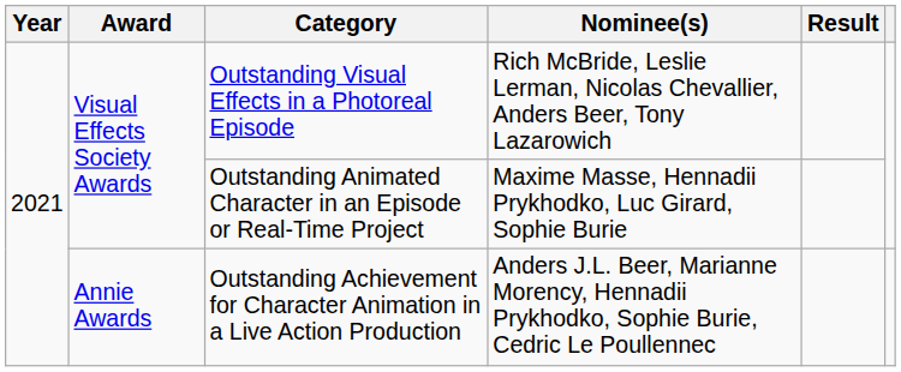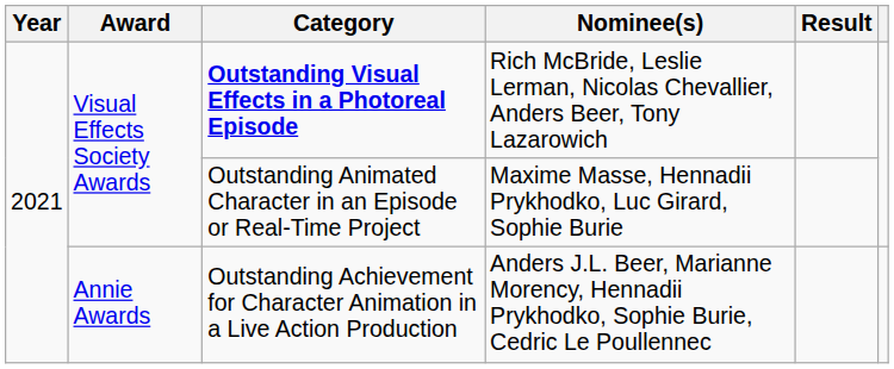 <table class="wikitable sortable plainrowheaders">
 <tr>
 <th scope="col">Year</th>
 <th scope="col">Award</th>
 <th scope="col">Category</th>
 <th scope="col">Nominee(s)</th>
 <th scope="col">Result</th>
 <th scope="col" class="unsortable"></th>
 </tr>
 <tr>
 <td rowspan="3">2021</td>
 <td rowspan="2"><a href='#'>Visual Effects Society Awards</a></td>
-<td><a href='#'>Outstanding Visual Effects in a Photoreal Episode</a></td>
+<td><strong><a href='#'>Outstanding Visual Effects in a Photoreal Episode</a></strong></td>
 <td>Rich McBride, Leslie Lerman, Nicolas Chevallier, Anders Beer, Tony Lazarowich</td>
 <td></td>
 <td rowspan="2" style="text-align:center;"></td>
 </tr>
 <tr>
 <td>Outstanding Animated Character in an Episode or Real-Time Project</td>
 <td>Maxime Masse, Hennadii Prykhodko, Luc Girard, Sophie Burie</td>
 <td></td>
 </tr>
 <tr>
 <td><a href='#'>Annie Awards</a></td>
 <td>Outstanding Achievement for Character Animation in a Live Action Production</td>
 <td>Anders J.L. Beer, Marianne Morency, Hennadii Prykhodko, Sophie Burie, Cedric Le Poullennec</td>
 <td></td>
 <td style="text-align:center;"></td>
 </tr>
 </table>
